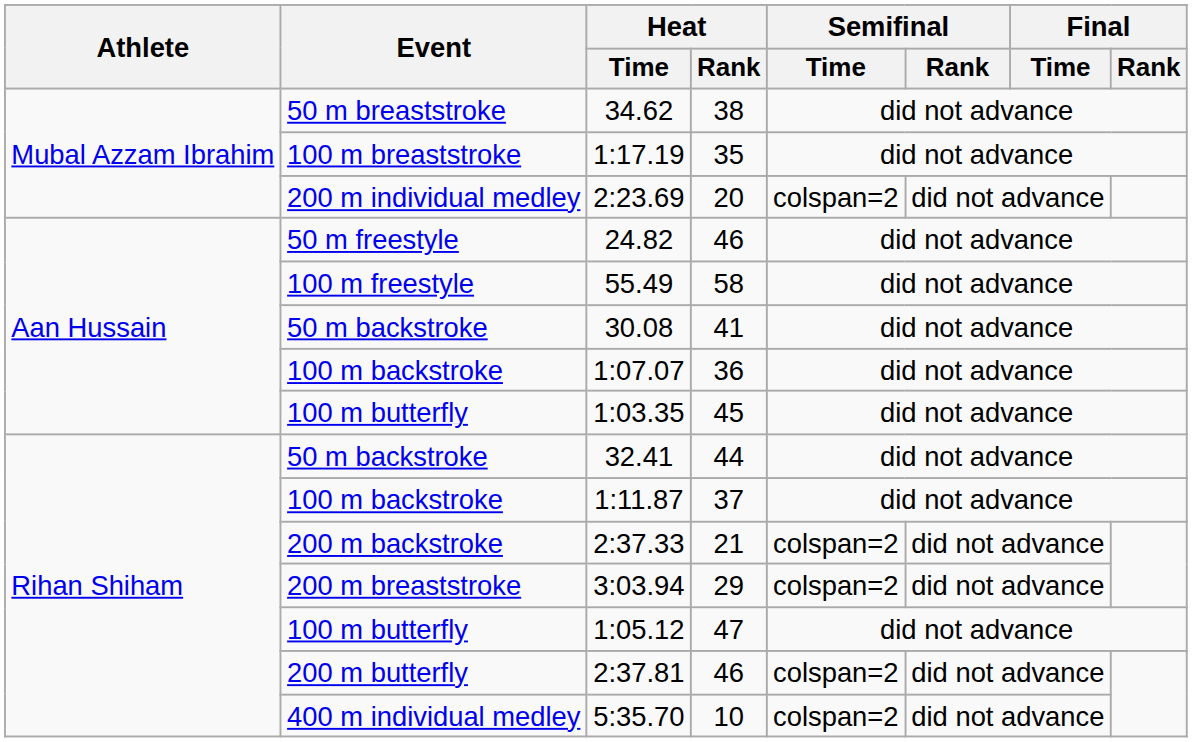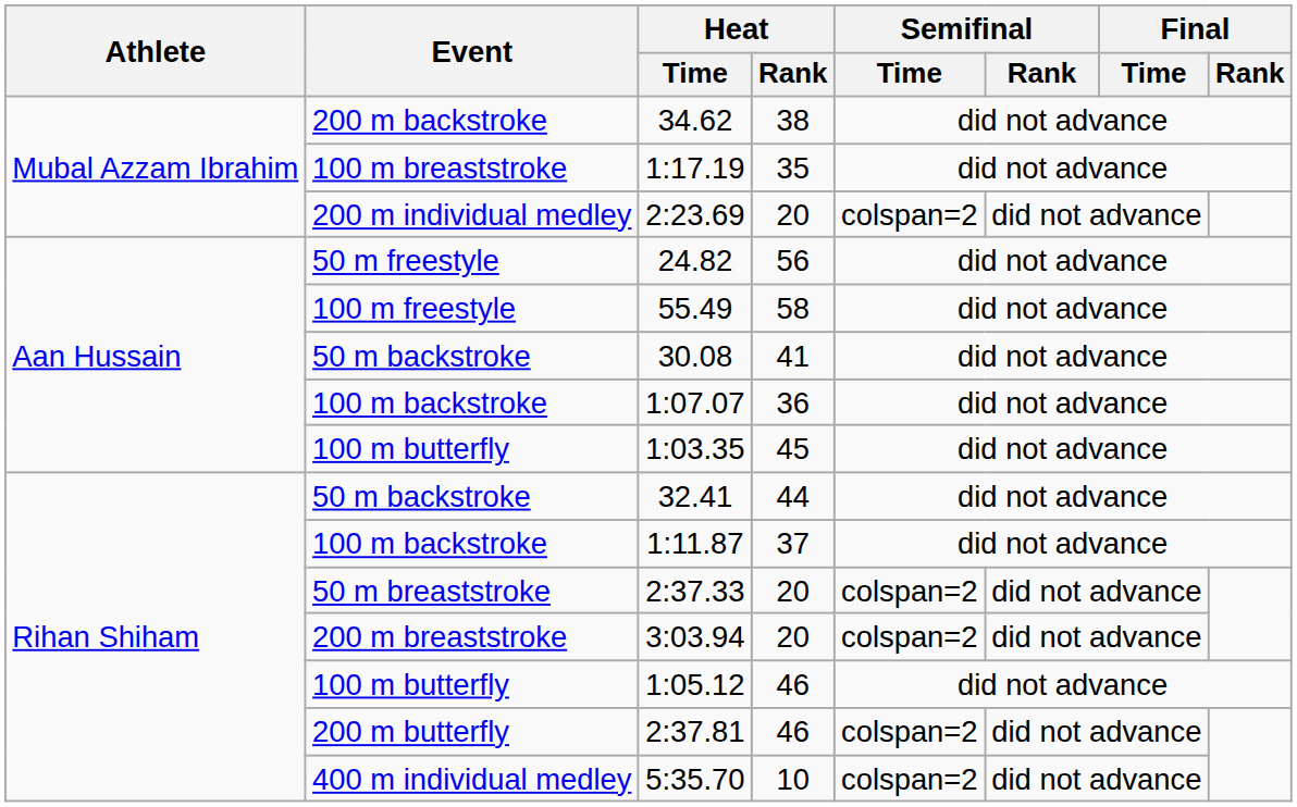 <table class=wikitable style=font-size:90%>
 <tr>
 <th rowspan=2>Athlete</th>
 <th rowspan=2>Event</th>
 <th colspan=2>Heat</th>
 <th colspan=2>Semifinal</th>
 <th colspan=2>Final</th>
 </tr>
 <tr style=font-size:95%>
 <th>Time</th>
 <th>Rank</th>
 <th>Time</th>
 <th>Rank</th>
 <th>Time</th>
 <th>Rank</th>
 </tr>
 <tr align=center>
 <td align=left rowspan=3><a href='#'>Mubal Azzam Ibrahim</a></td>
-<td align=left><a href='#'>50 m breaststroke</a></td>
+<td align=left rowspan="1"><a href='#'>200 m backstroke</a></td>
 <td>34.62</td>
 <td>38</td>
 <td colspan=4>did not advance</td>
 </tr>
 <tr align=center>
 <td align=left rowspan="1"><a href='#'>100 m breaststroke</a></td>
 <td>1:17.19</td>
 <td>35</td>
 <td colspan=4>did not advance</td>
 </tr>
 <tr align=center>
 <td align=left rowspan="1"><a href='#'>200 m individual medley</a></td>
 <td>2:23.69</td>
 <td>20</td>
 <td>colspan=2 </td>
 <td colspan=2>did not advance</td>
 </tr>
 <tr align=center>
 <td align=left rowspan=5><a href='#'>Aan Hussain</a></td>
 <td align=left rowspan="1"><a href='#'>50 m freestyle</a></td>
 <td>24.82</td>
-<td>46</td>
+<td>56</td>
 <td colspan=4>did not advance</td>
 </tr>
 <tr align=center>
 <td align=left rowspan="1"><a href='#'>100 m freestyle</a></td>
 <td>55.49</td>
 <td>58</td>
 <td colspan=4>did not advance</td>
 </tr>
 <tr align=center>
 <td style="text-align:left;"><a href='#'>50 m backstroke</a></td>
 <td>30.08</td>
 <td>41</td>
 <td colspan=4>did not advance</td>
 </tr>
 <tr align=center>
 <td style="text-align:left;"><a href='#'>100 m backstroke</a></td>
 <td>1:07.07</td>
 <td>36</td>
 <td colspan=4>did not advance</td>
 </tr>
 <tr align=center>
 <td align=left rowspan="1"><a href='#'>100 m butterfly</a></td>
 <td>1:03.35</td>
 <td>45</td>
 <td colspan=4>did not advance</td>
 </tr>
 <tr align=center>
 <td align=left rowspan=7><a href='#'>Rihan Shiham</a></td>
 <td style="text-align:left;"><a href='#'>50 m backstroke</a></td>
 <td>32.41</td>
 <td>44</td>
 <td colspan=4>did not advance</td>
 </tr>
 <tr align=center>
 <td style="text-align:left;"><a href='#'>100 m backstroke</a></td>
 <td>1:11.87</td>
 <td>37</td>
 <td colspan=4>did not advance</td>
 </tr>
 <tr align=center>
-<td align=left rowspan="1"><a href='#'>200 m backstroke</a></td>
+<td align=left><a href='#'>50 m breaststroke</a></td>
 <td>2:37.33</td>
-<td>21</td>
+<td>20</td>
 <td>colspan=2 </td>
 <td colspan=2>did not advance</td>
 </tr>
 <tr align=center>
 <td align=left rowspan="1"><a href='#'>200 m breaststroke</a></td>
 <td>3:03.94</td>
-<td>29</td>
+<td>20</td>
 <td>colspan=2 </td>
 <td colspan=2>did not advance</td>
 </tr>
 <tr align=center>
 <td align=left rowspan="1"><a href='#'>100 m butterfly</a></td>
 <td>1:05.12</td>
-<td>47</td>
+<td>46</td>
 <td colspan=4>did not advance</td>
 </tr>
 <tr align=center>
 <td align=left><a href='#'>200 m butterfly</a></td>
 <td>2:37.81</td>
 <td>46</td>
 <td>colspan=2 </td>
 <td colspan=2>did not advance</td>
 </tr>
 <tr align=center>
 <td align=left rowspan="1"><a href='#'>400 m individual medley</a></td>
 <td>5:35.70</td>
 <td>10</td>
 <td>colspan=2 </td>
 <td colspan=2>did not advance</td>
 </tr>
 </table>
